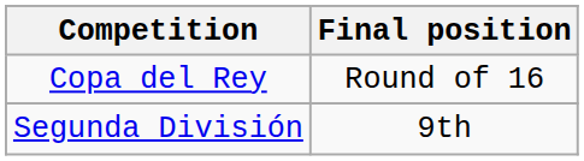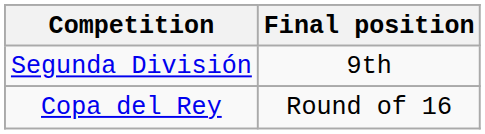 <table class="wikitable" style="font-size:100%; text-align:center">
 <tr>
 <th>Competition</th>
 <th>Final position</th>
 </tr>
 <tr style="background:">
+<td><a href='#'>Segunda División</a></td>
+<td>9th</td>
+</tr>
+<tr style="background:">
 <td><a href='#'>Copa del Rey</a></td>
 <td>Round of 16</td>
 </tr>
-<tr style="background:">
-<td><a href='#'>Segunda División</a></td>
-<td>9th</td>
-</tr>
 </table>
